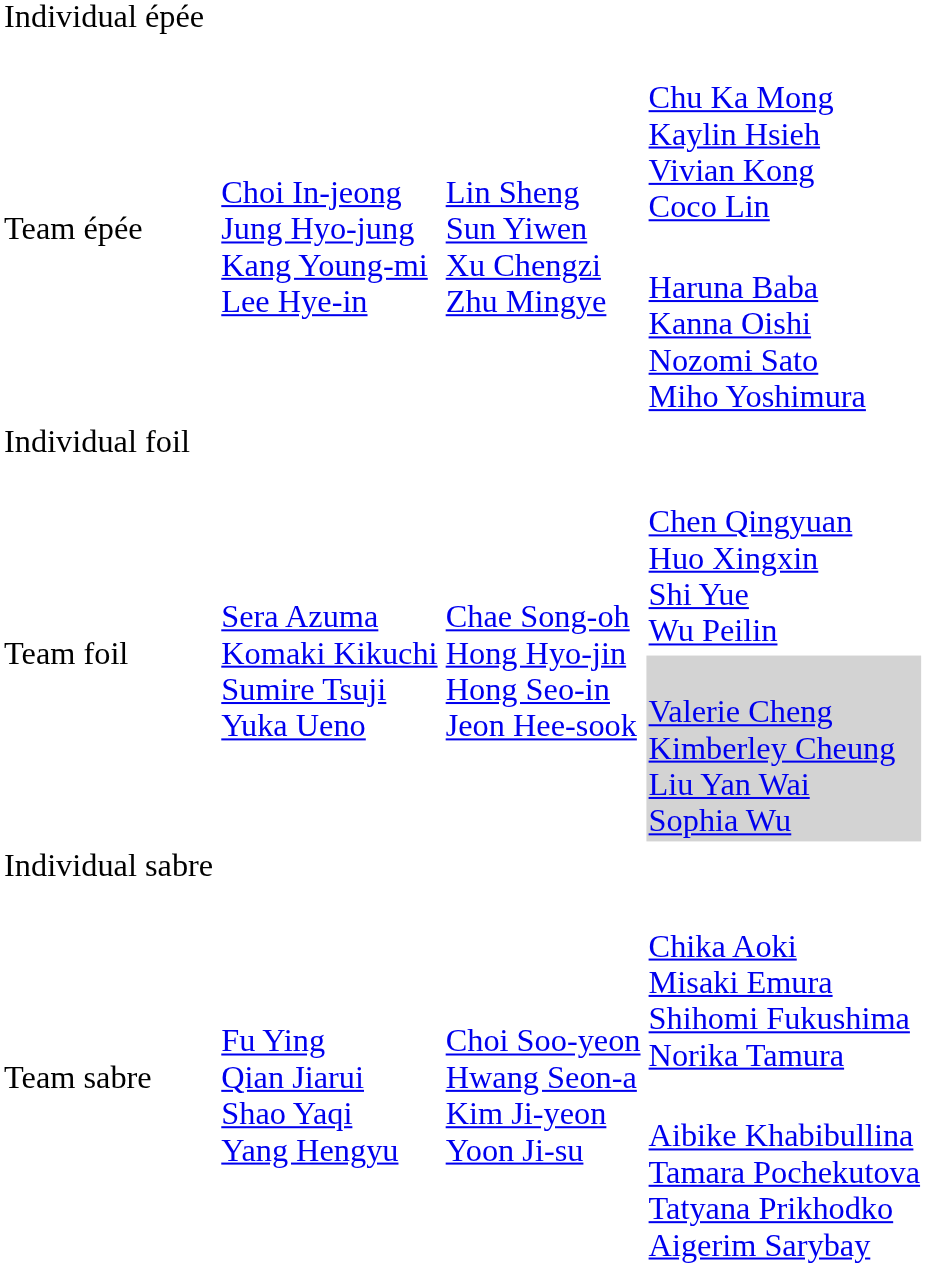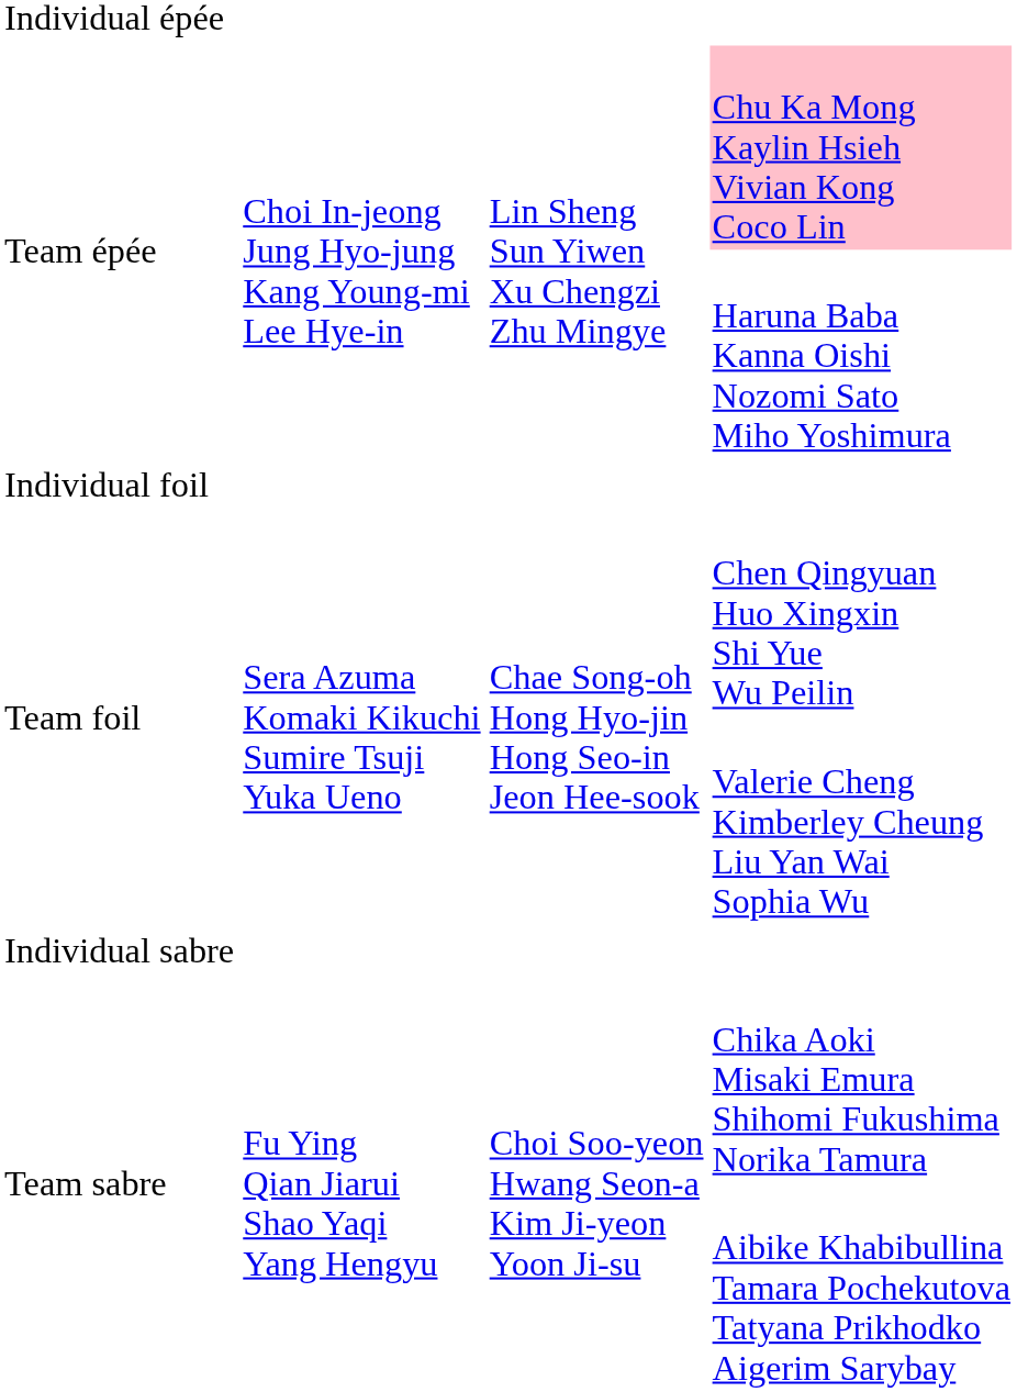 <table>
 <tr>
 <td rowspan=2>Individual épée</td>
 <td rowspan=2></td>
 <td rowspan=2></td>
 <td></td>
 </tr>
 <tr>
 <td></td>
 </tr>
 <tr>
 <td rowspan=2>Team épée</td>
 <td rowspan=2><br><a href='#'>Choi In-jeong</a><br><a href='#'>Jung Hyo-jung</a><br><a href='#'>Kang Young-mi</a><br><a href='#'>Lee Hye-in</a></td>
 <td rowspan=2><br><a href='#'>Lin Sheng</a><br><a href='#'>Sun Yiwen</a><br><a href='#'>Xu Chengzi</a><br><a href='#'>Zhu Mingye</a></td>
-<td><br><a href='#'>Chu Ka Mong</a><br><a href='#'>Kaylin Hsieh</a><br><a href='#'>Vivian Kong</a><br><a href='#'>Coco Lin</a></td>
+<td style="background: pink;"><br><a href='#'>Chu Ka Mong</a><br><a href='#'>Kaylin Hsieh</a><br><a href='#'>Vivian Kong</a><br><a href='#'>Coco Lin</a></td>
 </tr>
 <tr>
 <td><br><a href='#'>Haruna Baba</a><br><a href='#'>Kanna Oishi</a><br><a href='#'>Nozomi Sato</a><br><a href='#'>Miho Yoshimura</a></td>
 </tr>
 <tr>
 <td rowspan=2>Individual foil</td>
 <td rowspan=2></td>
 <td rowspan=2></td>
 <td></td>
 </tr>
 <tr>
 <td></td>
 </tr>
 <tr>
 <td rowspan=2>Team foil</td>
 <td rowspan=2><br><a href='#'>Sera Azuma</a><br><a href='#'>Komaki Kikuchi</a><br><a href='#'>Sumire Tsuji</a><br><a href='#'>Yuka Ueno</a></td>
 <td rowspan=2><br><a href='#'>Chae Song-oh</a><br><a href='#'>Hong Hyo-jin</a><br><a href='#'>Hong Seo-in</a><br><a href='#'>Jeon Hee-sook</a></td>
 <td><br><a href='#'>Chen Qingyuan</a><br><a href='#'>Huo Xingxin</a><br><a href='#'>Shi Yue</a><br><a href='#'>Wu Peilin</a></td>
 </tr>
 <tr>
-<td style="background: lightgrey;"><br><a href='#'>Valerie Cheng</a><br><a href='#'>Kimberley Cheung</a><br><a href='#'>Liu Yan Wai</a><br><a href='#'>Sophia Wu</a></td>
+<td><br><a href='#'>Valerie Cheng</a><br><a href='#'>Kimberley Cheung</a><br><a href='#'>Liu Yan Wai</a><br><a href='#'>Sophia Wu</a></td>
 </tr>
 <tr>
 <td rowspan=2>Individual sabre</td>
 <td rowspan=2></td>
 <td rowspan=2></td>
 <td></td>
 </tr>
 <tr>
 <td></td>
 </tr>
 <tr>
 <td rowspan=2>Team sabre</td>
 <td rowspan=2><br><a href='#'>Fu Ying</a><br><a href='#'>Qian Jiarui</a><br><a href='#'>Shao Yaqi</a><br><a href='#'>Yang Hengyu</a></td>
 <td rowspan=2><br><a href='#'>Choi Soo-yeon</a><br><a href='#'>Hwang Seon-a</a><br><a href='#'>Kim Ji-yeon</a><br><a href='#'>Yoon Ji-su</a></td>
 <td><br><a href='#'>Chika Aoki</a><br><a href='#'>Misaki Emura</a><br><a href='#'>Shihomi Fukushima</a><br><a href='#'>Norika Tamura</a></td>
 </tr>
 <tr>
 <td><br><a href='#'>Aibike Khabibullina</a><br><a href='#'>Tamara Pochekutova</a><br><a href='#'>Tatyana Prikhodko</a><br><a href='#'>Aigerim Sarybay</a></td>
 </tr>
 </table>
